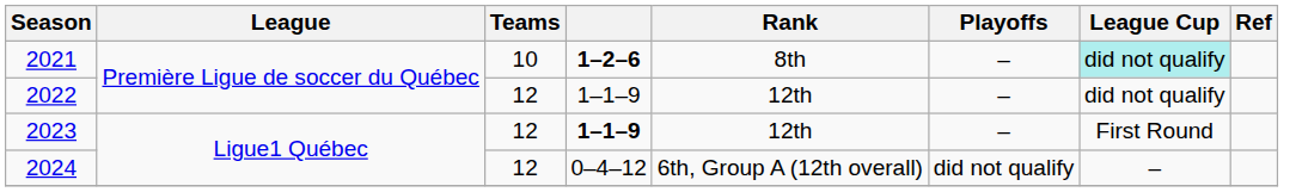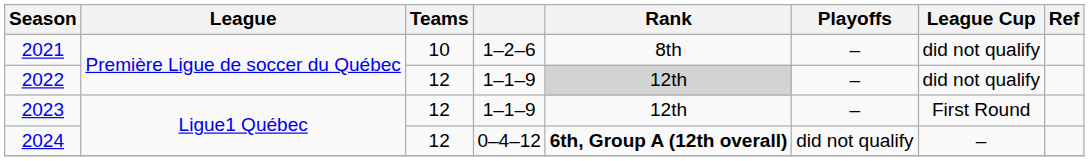 <table class="wikitable" style="text-align: center;">
 <tr>
 <th>Season</th>
 <th>League</th>
 <th>Teams</th>
 <th></th>
 <th>Rank</th>
 <th>Playoffs</th>
 <th>League Cup</th>
 <th>Ref</th>
 </tr>
 <tr>
 <td><a href='#'>2021</a></td>
 <td rowspan="2"><a href='#'>Première Ligue de soccer du Québec</a></td>
 <td>10</td>
-<td><strong>1–2–6</strong></td>
+<td>1–2–6</td>
 <td>8th</td>
 <td>–</td>
-<td style="background: paleturquoise;">did not qualify</td>
+<td>did not qualify</td>
 <td></td>
 </tr>
 <tr>
 <td><a href='#'>2022</a></td>
 <td>12</td>
 <td>1–1–9</td>
-<td>12th</td>
+<td style="background: lightgrey;">12th</td>
 <td>–</td>
 <td>did not qualify</td>
 <td></td>
 </tr>
 <tr>
 <td><a href='#'>2023</a></td>
 <td rowspan="2"><a href='#'>Ligue1 Québec</a></td>
 <td>12</td>
-<td><strong>1–1–9</strong></td>
+<td>1–1–9</td>
 <td>12th</td>
 <td>–</td>
 <td>First Round</td>
 <td></td>
 </tr>
 <tr>
 <td><a href='#'>2024</a></td>
 <td>12</td>
 <td>0–4–12</td>
-<td>6th, Group A (12th overall)</td>
+<td><strong>6th, Group A (12th overall)</strong></td>
 <td>did not qualify</td>
 <td>–</td>
 <td></td>
 </tr>
 <tr>
 </tr>
 </table>
